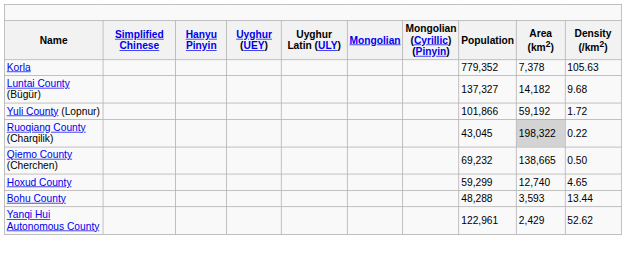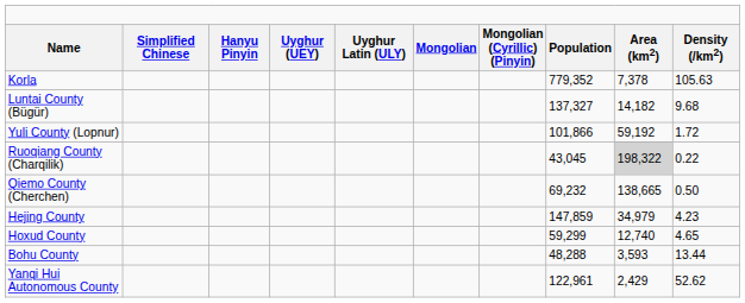 <table class="wikitable"  style="font-size:90%;" align=center>
 <tr>
 <td colspan="10" align="center"><div><br>            </div></td>
 </tr>
 <tr>
 <th>Name</th>
 <th><a href='#'>Simplified Chinese</a></th>
 <th><a href='#'>Hanyu Pinyin</a></th>
 <th><a href='#'>Uyghur</a> (<a href='#'>UEY</a>)</th>
 <th>Uyghur Latin (<a href='#'>ULY</a>)</th>
 <th><a href='#'>Mongolian</a><br></th>
 <th>Mongolian<br>(<a href='#'>Cyrillic</a>)<br>(<a href='#'>Pinyin</a>)</th>
 <th>Population </th>
 <th>Area (km<sup>2</sup>)</th>
 <th>Density (/km<sup>2</sup>)</th>
 </tr>
 <tr>
 <td><a href='#'>Korla</a></td>
 <td></td>
 <td></td>
 <td></td>
 <td></td>
 <td></td>
 <td><br></td>
 <td>779,352</td>
 <td>7,378</td>
 <td>105.63</td>
 </tr>
 <tr>
 <td><a href='#'>Luntai County</a> (Bügür)</td>
 <td></td>
 <td></td>
 <td></td>
 <td></td>
 <td></td>
 <td><br></td>
 <td>137,327</td>
 <td>14,182</td>
 <td>9.68</td>
 </tr>
 <tr>
 <td><a href='#'>Yuli County</a> (Lopnur)</td>
 <td></td>
 <td></td>
 <td></td>
 <td></td>
 <td></td>
 <td><br></td>
 <td>101,866</td>
 <td>59,192</td>
 <td>1.72</td>
 </tr>
 <tr>
 <td><a href='#'>Ruoqiang County</a> (Charqilik)</td>
 <td></td>
 <td></td>
 <td></td>
 <td></td>
 <td></td>
 <td><br></td>
 <td>43,045</td>
 <td style="background: lightgrey;">198,322</td>
 <td>0.22</td>
 </tr>
 <tr>
 <td><a href='#'>Qiemo County</a> (Cherchen)</td>
 <td></td>
 <td></td>
 <td></td>
 <td></td>
 <td></td>
 <td><br></td>
 <td>69,232</td>
 <td>138,665</td>
 <td>0.50</td>
 </tr>
 <tr>
+<td><a href='#'>Hejing County</a></td>
+<td></td>
+<td></td>
+<td></td>
+<td></td>
+<td></td>
+<td><br></td>
+<td>147,859</td>
+<td>34,979</td>
+<td>4.23</td>
+</tr>
+<tr>
 <td><a href='#'>Hoxud County</a></td>
 <td></td>
 <td></td>
 <td></td>
 <td></td>
 <td></td>
 <td><br></td>
 <td>59,299</td>
 <td>12,740</td>
 <td>4.65</td>
 </tr>
 <tr>
 <td><a href='#'>Bohu County</a></td>
 <td></td>
 <td></td>
 <td></td>
 <td></td>
 <td></td>
 <td><br></td>
 <td>48,288</td>
 <td>3,593</td>
 <td>13.44</td>
 </tr>
 <tr>
 <td><a href='#'>Yanqi Hui Autonomous County</a></td>
 <td></td>
 <td></td>
 <td></td>
 <td></td>
 <td></td>
 <td><br></td>
 <td>122,961</td>
 <td>2,429</td>
 <td>52.62</td>
 </tr>
 </table>
